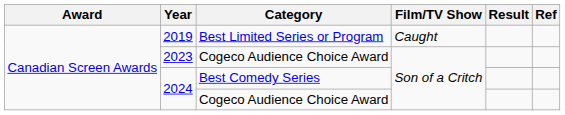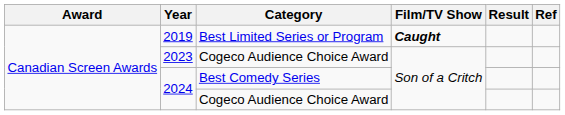 <table class="wikitable">
 <tr>
 <th>Award</th>
 <th>Year</th>
 <th>Category</th>
 <th>Film/TV Show</th>
 <th>Result</th>
 <th>Ref</th>
 </tr>
 <tr>
 <td rowspan=4><a href='#'>Canadian Screen Awards</a></td>
 <td><a href='#'>2019</a></td>
 <td><a href='#'>Best Limited Series or Program</a></td>
-<td><em>Caught</em></td>
+<td><strong><em>Caught</em></strong></td>
 <td></td>
 <td></td>
 </tr>
 <tr>
 <td><a href='#'>2023</a></td>
 <td>Cogeco Audience Choice Award</td>
 <td rowspan=3><em>Son of a Critch</em></td>
 <td></td>
 <td></td>
 </tr>
 <tr>
 <td rowspan=2><a href='#'>2024</a></td>
 <td><a href='#'>Best Comedy Series</a></td>
 <td></td>
 <td></td>
 </tr>
 <tr>
 <td>Cogeco Audience Choice Award</td>
 <td></td>
 <td></td>
 </tr>
 </table>
